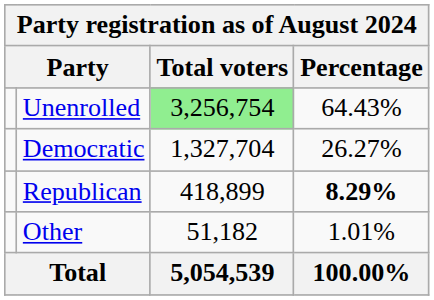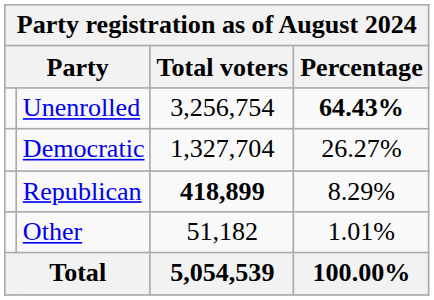 <table class="wikitable floatright">
 <tr>
 <th colspan = 6>Party registration as of August 2024</th>
 </tr>
 <tr>
 <th colspan = 2>Party</th>
 <th>Total voters</th>
 <th>Percentage</th>
 </tr>
 <tr>
 <td></td>
 <td><a href='#'>Unenrolled</a></td>
-<td align=center style="background: lightgreen;">3,256,754</td>
-<td align=center>64.43%</td>
+<td align=center>3,256,754</td>
+<td align=center><strong>64.43%</strong></td>
 </tr>
 <tr>
 <td></td>
 <td><a href='#'>Democratic</a></td>
 <td align=center>1,327,704</td>
 <td align=center>26.27%</td>
 </tr>
 <tr>
 <td></td>
 <td><a href='#'>Republican</a></td>
-<td align=center>418,899</td>
-<td align=center><strong>8.29%</strong></td>
+<td align=center><strong>418,899</strong></td>
+<td align=center>8.29%</td>
 </tr>
 <tr>
 <td></td>
 <td><a href='#'>Other</a></td>
 <td align=center>51,182</td>
 <td align=center>1.01%</td>
 </tr>
 <tr>
 <th colspan = 2>Total</th>
 <th align=center>5,054,539</th>
 <th align=center>100.00%</th>
 </tr>
 </table>
